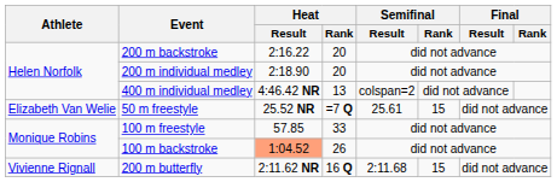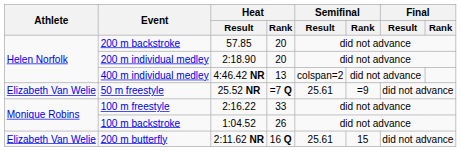 <table class="wikitable" style="font-size:90%;text-align:center;">
 <tr>
 <th rowspan=2>Athlete</th>
 <th rowspan=2>Event</th>
 <th colspan=2>Heat</th>
 <th colspan=2>Semifinal</th>
 <th colspan=2>Final</th>
 </tr>
 <tr style="font-size:95%">
 <th>Result</th>
 <th>Rank</th>
 <th>Result</th>
 <th>Rank</th>
 <th>Result</th>
 <th>Rank</th>
 </tr>
 <tr>
 <td align=left rowspan=3><a href='#'>Helen Norfolk</a></td>
 <td align=left><a href='#'>200 m backstroke</a></td>
-<td>2:16.22</td>
+<td>57.85</td>
 <td>20</td>
 <td colspan=4>did not advance</td>
 </tr>
 <tr>
 <td align=left><a href='#'>200 m individual medley</a></td>
 <td>2:18.90</td>
 <td>20</td>
 <td colspan=4>did not advance</td>
 </tr>
 <tr>
 <td align=left><a href='#'>400 m individual medley</a></td>
 <td>4:46.42 <strong>NR</strong></td>
 <td>13</td>
 <td>colspan=2  </td>
 <td colspan=2>did not advance</td>
 </tr>
 <tr>
 <td align=left><a href='#'>Elizabeth Van Welie</a></td>
 <td align=left><a href='#'>50 m freestyle</a></td>
 <td>25.52 <strong>NR</strong></td>
 <td>=7 <strong>Q</strong></td>
 <td>25.61</td>
-<td>15</td>
+<td>=9</td>
 <td colspan=2>did not advance</td>
 </tr>
 <tr>
 <td align=left rowspan=2><a href='#'>Monique Robins</a></td>
 <td align=left><a href='#'>100 m freestyle</a></td>
-<td>57.85</td>
+<td>2:16.22</td>
 <td>33</td>
 <td colspan=4>did not advance</td>
 </tr>
 <tr>
 <td align=left><a href='#'>100 m backstroke</a></td>
-<td style="background: lightsalmon;">1:04.52</td>
+<td>1:04.52</td>
 <td>26</td>
 <td colspan=4>did not advance</td>
 </tr>
 <tr>
-<td align=left><a href='#'>Vivienne Rignall</a></td>
+<td align=left><a href='#'>Elizabeth Van Welie</a></td>
 <td align=left><a href='#'>200 m butterfly</a></td>
 <td>2:11.62 <strong>NR</strong></td>
 <td>16 <strong>Q</strong></td>
-<td>2:11.68</td>
+<td>25.61</td>
 <td>15</td>
 <td colspan=2>did not advance</td>
 </tr>
 </table>
